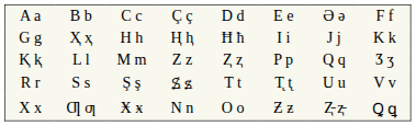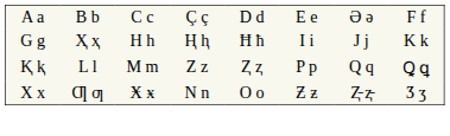 <table style="font-family:Arial Unicode MS; font-size:1.4em; border-color:#000000; border-width:1px; border-style:solid; border-collapse:collapse; background-color:#F8F8EF">
 <tr>
 <td style="width:3em; text-align:center; padding: 3px;">A a</td>
 <td style="width:3em; text-align:center; padding: 3px;">B b</td>
 <td style="width:3em; text-align:center; padding: 3px;">C c</td>
 <td style="width:3em; text-align:center; padding: 3px;">Ç ç</td>
 <td style="width:3em; text-align:center; padding: 3px;">D d</td>
 <td style="width:3em; text-align:center; padding: 3px;">E e</td>
 <td style="width:3em; text-align:center; padding: 3px;">Ә ә</td>
 <td style="width:3em; text-align:center; padding: 3px;">F f</td>
 </tr>
 <tr>
 <td style="width:3em; text-align:center; padding: 3px;">G g</td>
 <td style="width:3em; text-align:center; padding: 3px;">Ҳ ҳ</td>
 <td style="width:3em; text-align:center; padding: 3px;">H h</td>
 <td style="width:3em; text-align:center; padding: 3px;">Ⱨ ⱨ</td>
 <td style="width:3em; text-align:center; padding: 3px;">Ħ ħ</td>
 <td style="width:3em; text-align:center; padding: 3px;">I i</td>
 <td style="width:3em; text-align:center; padding: 3px;">J j</td>
 <td style="width:3em; text-align:center; padding: 3px;">K k</td>
 </tr>
 <tr>
 <td style="width:3em; text-align:center; padding: 3px;">Ⱪ ⱪ</td>
 <td style="width:3em; text-align:center; padding: 3px;">L l</td>
 <td style="width:3em; text-align:center; padding: 3px;">M m</td>
 <td style="width:3em; text-align:center; padding: 3px;">Z z</td>
 <td style="width:3em; text-align:center; padding: 3px;">Ⱬ ⱬ</td>
 <td style="width:3em; text-align:center; padding: 3px;">P p</td>
 <td style="width:3em; text-align:center; padding: 3px;">Q q</td>
-<td style="width:3em; text-align:center; padding: 3px;">Ӡ ӡ</td>
-</tr>
-<tr>
-<td style="width:3em; text-align:center; padding: 3px;">R r</td>
-<td style="width:3em; text-align:center; padding: 3px;">S s</td>
-<td style="width:3em; text-align:center; padding: 3px;">Ş ş</td>
-<td style="width:3em; text-align:center; padding: 3px;">Ꟍ ꟍ</td>
-<td style="width:3em; text-align:center; padding: 3px;">T t</td>
-<td style="width:3em; text-align:center; padding: 3px;">T̨ t̨</td>
-<td style="width:3em; text-align:center; padding: 3px;">U u</td>
-<td style="width:3em; text-align:center; padding: 3px;">V v</td>
+<td style="width:3em; text-align:center; padding: 3px;">Ꝗ ꝗ</td>
 </tr>
 <tr>
 <td style="width:3em; text-align:center; padding: 3px;">X x</td>
 <td style="width:3em; text-align:center; padding: 3px;">Ƣ ƣ</td>
 <td style="width:3em; text-align:center; padding: 3px;">Ӿ ӿ</td>
 <td style="width:3em; text-align:center; padding: 3px;">N n</td>
 <td style="width:3em; text-align:center; padding: 3px;">O o</td>
 <td style="width:3em; text-align:center; padding: 3px;">Ƶ ƶ</td>
 <td style="width:3em; text-align:center; padding: 3px;">Ⱬ̵ ⱬ̵</td>
-<td style="width:3em; text-align:center; padding: 3px;">Ꝗ ꝗ</td>
+<td style="width:3em; text-align:center; padding: 3px;">Ӡ ӡ</td>
 </tr>
 </table>
